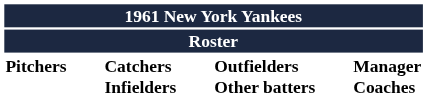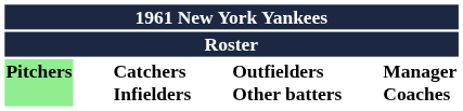 <table class="toccolours" style="font-size: 95%;">
 <tr>
 <th colspan="10" style="background:#1c2841; color:white; text-align:center;">1961 New York Yankees</th>
 </tr>
 <tr>
 <td colspan="10" style="background:#1c2841; color:white; text-align:center;"><strong>Roster</strong></td>
 </tr>
 <tr>
-<td style="vertical-align:top"><strong>Pitchers</strong><br>               </td>
+<td style="background: lightgreen; vertical-align:top"><strong>Pitchers</strong><br>               </td>
 <td style="width:25px;"></td>
 <td style="vertical-align:top"><strong>Catchers</strong><br>  <strong>Infielders</strong>          </td>
 <td style="width:25px;"></td>
 <td style="vertical-align:top"><strong>Outfielders</strong><br>      <strong>Other batters</strong>  </td>
 <td style="width:25px;"></td>
 <td style="vertical-align:top"><strong>Manager</strong><br> <strong>Coaches</strong>     </td>
 </tr>
 </table>
